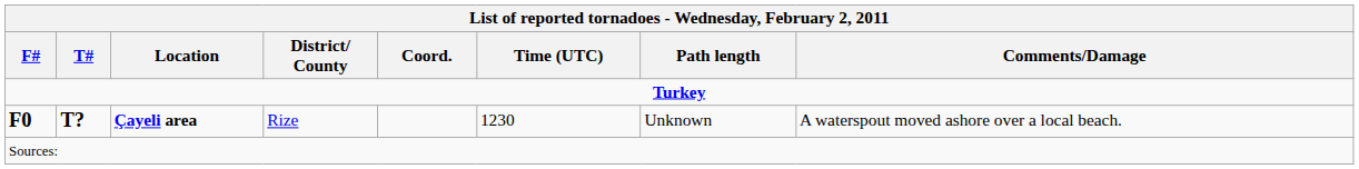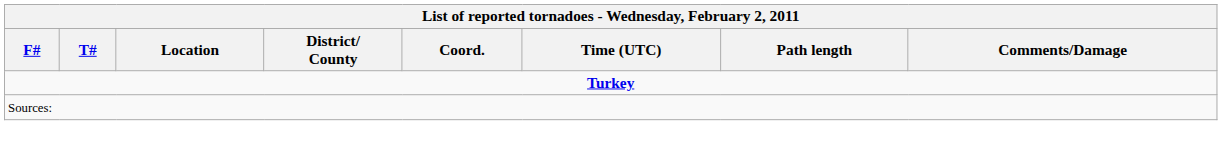 <table class="wikitable collapsible" width="100%">
 <tr>
 <th colspan="8">List of reported tornadoes - Wednesday, February 2, 2011</th>
 </tr>
 <tr>
 <th><a href='#'>F#</a></th>
 <th><a href='#'>T#</a></th>
 <th>Location</th>
 <th>District/<br>County</th>
 <th>Coord.</th>
 <th>Time (UTC)</th>
 <th>Path length</th>
 <th>Comments/Damage</th>
 </tr>
 <tr>
 <td colspan="8" align=center><strong><a href='#'>Turkey</a></strong></td>
 </tr>
 <tr>
-<td><big><strong>F0</strong></big></td>
-<td><big><strong>T?</strong></big></td>
-<td><strong><a href='#'>Çayeli</a> area</strong></td>
-<td><a href='#'>Rize</a></td>
-<td></td>
-<td>1230</td>
-<td>Unknown</td>
-<td>A waterspout moved ashore over a local beach.</td>
-</tr>
-<tr>
 <td colspan="8"><small>Sources:  </small></td>
 </tr>
 </table>
